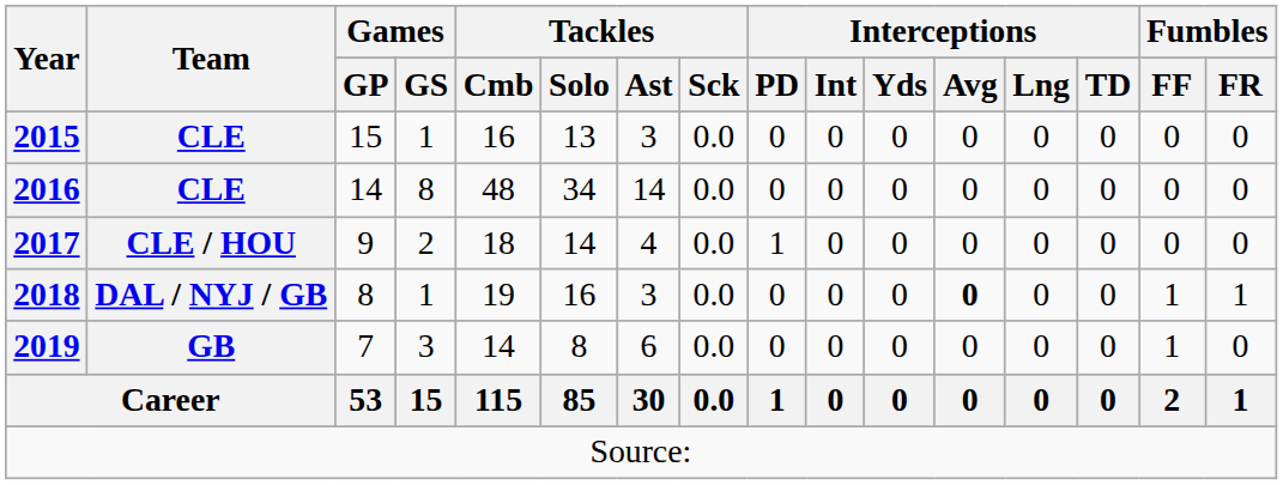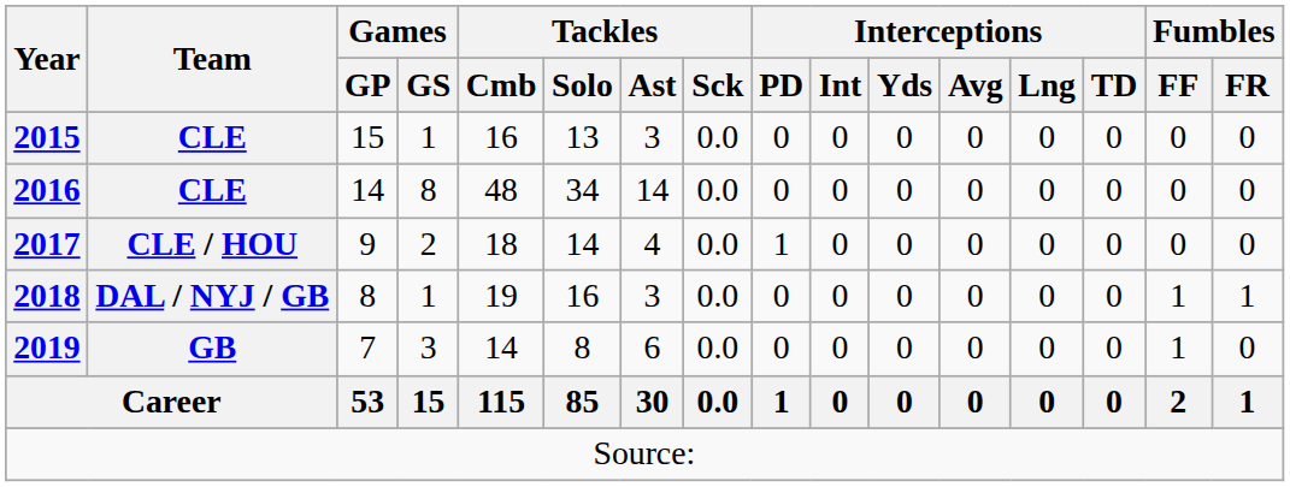 <table class="wikitable" style="text-align:center;">
 <tr>
 <th rowspan="2">Year</th>
 <th rowspan="2">Team</th>
 <th colspan="2">Games</th>
 <th colspan="4">Tackles</th>
 <th colspan="6">Interceptions</th>
 <th colspan="2">Fumbles</th>
 </tr>
 <tr>
 <th>GP</th>
 <th>GS</th>
 <th>Cmb</th>
 <th>Solo</th>
 <th>Ast</th>
 <th>Sck</th>
 <th>PD</th>
 <th>Int</th>
 <th>Yds</th>
 <th>Avg</th>
 <th>Lng</th>
 <th>TD</th>
 <th>FF</th>
 <th>FR</th>
 </tr>
 <tr>
 <th><a href='#'>2015</a></th>
 <th><a href='#'>CLE</a></th>
 <td>15</td>
 <td>1</td>
 <td>16</td>
 <td>13</td>
 <td>3</td>
 <td>0.0</td>
 <td>0</td>
 <td>0</td>
 <td>0</td>
 <td>0</td>
 <td>0</td>
 <td>0</td>
 <td>0</td>
 <td>0</td>
 </tr>
 <tr>
 <th><a href='#'>2016</a></th>
 <th><a href='#'>CLE</a></th>
 <td>14</td>
 <td>8</td>
 <td>48</td>
 <td>34</td>
 <td>14</td>
 <td>0.0</td>
 <td>0</td>
 <td>0</td>
 <td>0</td>
 <td>0</td>
 <td>0</td>
 <td>0</td>
 <td>0</td>
 <td>0</td>
 </tr>
 <tr>
 <th><a href='#'>2017</a></th>
 <th><a href='#'>CLE</a> / <a href='#'>HOU</a></th>
 <td>9</td>
 <td>2</td>
 <td>18</td>
 <td>14</td>
 <td>4</td>
 <td>0.0</td>
 <td>1</td>
 <td>0</td>
 <td>0</td>
 <td>0</td>
 <td>0</td>
 <td>0</td>
 <td>0</td>
 <td>0</td>
 </tr>
 <tr>
 <th><a href='#'>2018</a></th>
 <th><a href='#'>DAL</a> / <a href='#'>NYJ</a> / <a href='#'>GB</a></th>
 <td>8</td>
 <td>1</td>
 <td>19</td>
 <td>16</td>
 <td>3</td>
 <td>0.0</td>
 <td>0</td>
 <td>0</td>
 <td>0</td>
-<td><strong>0</strong></td>
+<td>0</td>
 <td>0</td>
 <td>0</td>
 <td>1</td>
 <td>1</td>
 </tr>
 <tr>
 <th><a href='#'>2019</a></th>
 <th><a href='#'>GB</a></th>
 <td>7</td>
 <td>3</td>
 <td>14</td>
 <td>8</td>
 <td>6</td>
 <td>0.0</td>
 <td>0</td>
 <td>0</td>
 <td>0</td>
 <td>0</td>
 <td>0</td>
 <td>0</td>
 <td>1</td>
 <td>0</td>
 </tr>
 <tr>
 <th colspan="2">Career</th>
 <th>53</th>
 <th>15</th>
 <th>115</th>
 <th>85</th>
 <th>30</th>
 <th>0.0</th>
 <th>1</th>
 <th>0</th>
 <th>0</th>
 <th>0</th>
 <th>0</th>
 <th>0</th>
 <th>2</th>
 <th>1</th>
 </tr>
 <tr>
 <td colspan="18">Source: </td>
 </tr>
 </table>
